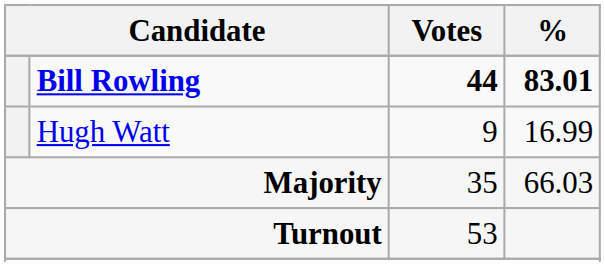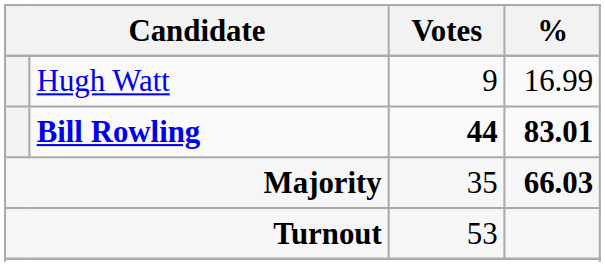 <table class="wikitable" style="font-size: 95%;">
 <tr style="background-color:#E9E9E9">
 <th colspan="2" style="width: 170px">Candidate</th>
 <th style="width: 50px">Votes</th>
 <th style="width: 40px">%</th>
 </tr>
 <tr>
 </tr>
 <tr>
+<th style="background-color: "></th>
+<td style="width: 170px"><a href='#'>Hugh Watt</a></td>
+<td align="right">9</td>
+<td align="right">16.99</td>
+</tr>
+<tr>
 <th width=5 style="background-color: "></th>
 <td style="width: 170px"><strong><a href='#'>Bill Rowling</a></strong></td>
 <td align="right"><strong>44</strong></td>
 <td align="right"><strong>83.01</strong></td>
 </tr>
-<tr>
-<th style="background-color: "></th>
-<td style="width: 170px"><a href='#'>Hugh Watt</a></td>
-<td align="right">9</td>
-<td align="right">16.99</td>
-</tr>
 <tr style="background-color:#F6F6F6">
 <td colspan="2" align="right"><strong>Majority</strong></td>
 <td align="right">35</td>
-<td align="right">66.03</td>
+<td align="right"><strong>66.03</strong></td>
 </tr>
 <tr>
 </tr>
 <tr style="background-color:#F6F6F6">
 <td colspan="2" align="right"><strong>Turnout</strong></td>
 <td align="right">53</td>
 <td></td>
 </tr>
 <tr>
 </tr>
 <tr style="background-color:#F6F6F6">
 </tr>
 </table>
